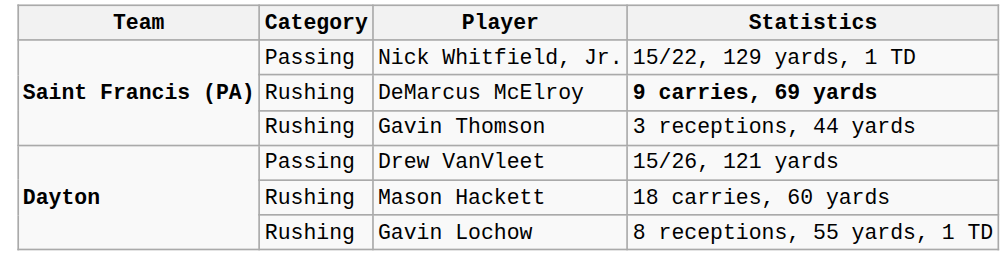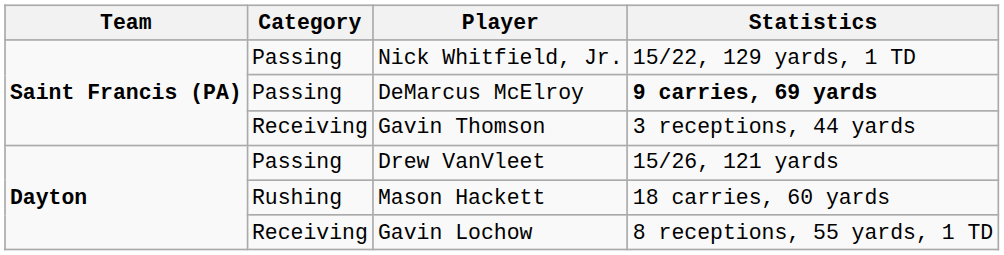 <table class="wikitable" style="float: right;">
 <tr>
 <th>Team</th>
 <th>Category</th>
 <th>Player</th>
 <th>Statistics</th>
 </tr>
 <tr>
 <td rowspan=3><strong>Saint Francis (PA)</strong></td>
 <td>Passing</td>
 <td>Nick Whitfield, Jr.</td>
 <td>15/22, 129 yards, 1 TD</td>
 </tr>
 <tr>
-<td>Rushing</td>
+<td>Passing</td>
 <td>DeMarcus McElroy</td>
 <td><strong>9 carries, 69 yards</strong></td>
 </tr>
 <tr>
-<td>Rushing</td>
+<td>Receiving</td>
 <td>Gavin Thomson</td>
 <td>3 receptions, 44 yards</td>
 </tr>
 <tr>
 <td rowspan=3><strong>Dayton</strong></td>
 <td>Passing</td>
 <td>Drew VanVleet</td>
 <td>15/26, 121 yards</td>
 </tr>
 <tr>
 <td>Rushing</td>
 <td>Mason Hackett</td>
 <td>18 carries, 60 yards</td>
 </tr>
 <tr>
-<td>Rushing</td>
+<td>Receiving</td>
 <td>Gavin Lochow</td>
 <td>8 receptions, 55 yards, 1 TD</td>
 </tr>
 </table>
